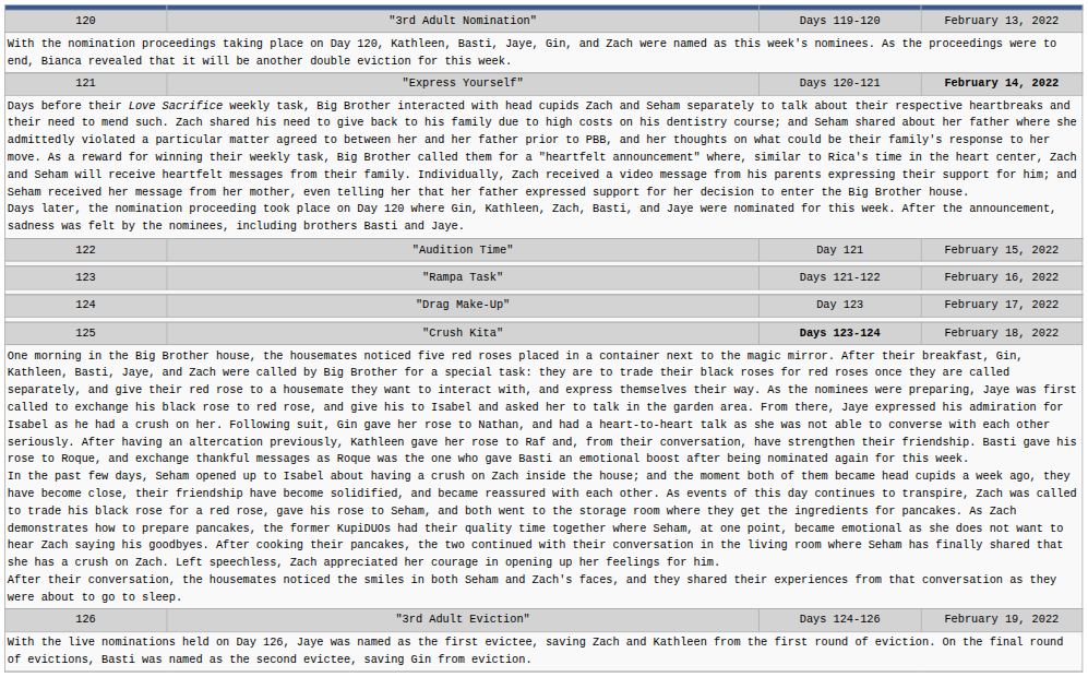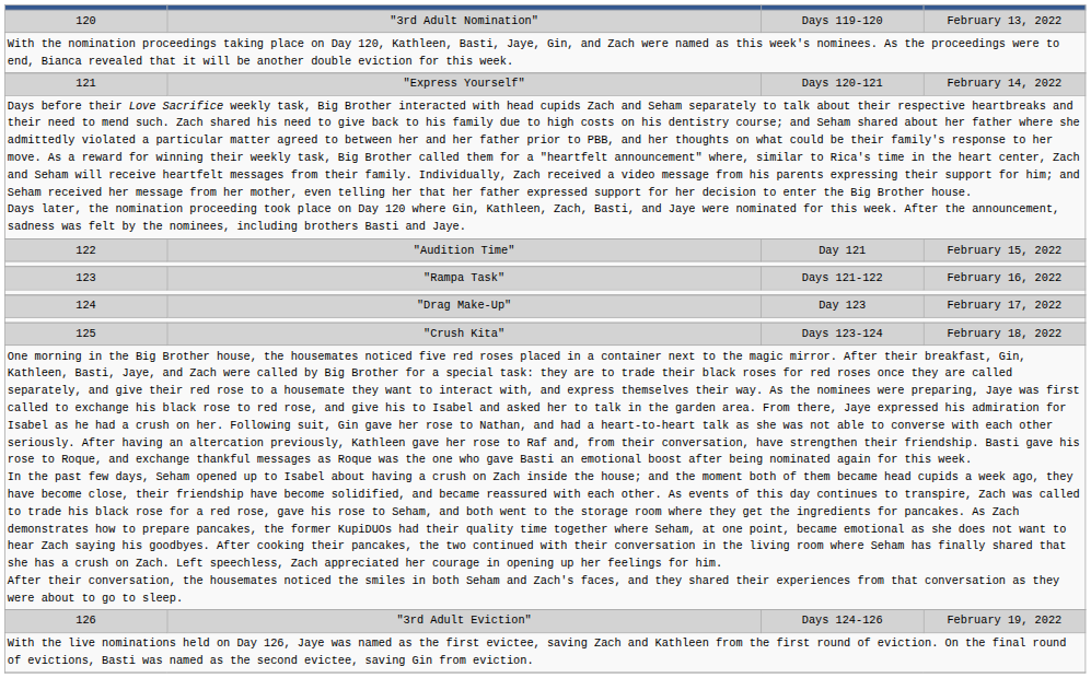 <table class="wikitable sortable" style="font-size:100%; line-height:20px; text-align:center">
 <tr>
 <th width="15%" style="background:#34588F"></th>
 <th width="55%" style="background:#34588F"></th>
 <th width="15%" style="background:#34588F"></th>
 <th width="15%" style="background:#34588F"></th>
 </tr>
 <tr style="background:lightgrey;">
 <td>120</td>
 <td>"3rd Adult Nomination"</td>
 <td>Days 119-120</td>
 <td>February 13, 2022</td>
 </tr>
 <tr>
 <td colspan="4" align="left">With the nomination proceedings taking place on Day 120, Kathleen, Basti, Jaye, Gin, and Zach were named as this week's nominees. As the proceedings were to end, Bianca revealed that it will be another double eviction for this week.</td>
 </tr>
 <tr>
 </tr>
 <tr style="background:lightgrey;">
 <td>121</td>
 <td>"Express Yourself"</td>
 <td>Days 120-121</td>
-<td><strong>February 14, 2022</strong></td>
+<td>February 14, 2022</td>
 </tr>
 <tr>
 <td colspan="4" align="left">Days before their <em>Love Sacrifice</em> weekly task, Big Brother interacted with head cupids Zach and Seham separately to talk about their respective heartbreaks and their need to mend such. Zach shared his need to give back to his family due to high costs on his dentistry course; and Seham shared about her father where she admittedly violated a particular matter agreed to between her and her father prior to PBB, and her thoughts on what could be their family's response to her move. As a reward for winning their weekly task, Big Brother called them for a "heartfelt announcement" where, similar to Rica's time in the heart center, Zach and Seham will receive heartfelt messages from their family. Individually, Zach received a video message from his parents expressing their support for him; and Seham received her message from her mother, even telling her that her father expressed support for her decision to enter the Big Brother house.<br>Days later, the nomination proceeding took place on Day 120 where Gin, Kathleen, Zach, Basti, and Jaye were nominated for this week. After the announcement, sadness was felt by the nominees, including brothers Basti and Jaye.</td>
 </tr>
 <tr>
 </tr>
 <tr style="background:lightgrey;">
 <td>122</td>
 <td>"Audition Time"</td>
 <td>Day 121</td>
 <td>February 15, 2022</td>
 </tr>
 <tr>
 <td colspan="4" align="left"></td>
 </tr>
 <tr>
 </tr>
 <tr style="background:lightgrey;">
 <td>123</td>
 <td>"Rampa Task"</td>
 <td>Days 121-122</td>
 <td>February 16, 2022</td>
 </tr>
 <tr>
 <td colspan="4" align="left"></td>
 </tr>
 <tr>
 </tr>
 <tr style="background:lightgrey;">
 <td>124</td>
 <td>"Drag Make-Up"</td>
 <td>Day 123</td>
 <td>February 17, 2022</td>
 </tr>
 <tr>
 <td colspan="4" align="left"></td>
 </tr>
 <tr>
 </tr>
 <tr style="background:lightgrey;">
 <td>125</td>
 <td>"Crush Kita"</td>
-<td><strong>Days 123-124</strong></td>
+<td>Days 123-124</td>
 <td>February 18, 2022</td>
 </tr>
 <tr>
 <td colspan="4" align="left">One morning in the Big Brother house, the housemates noticed five red roses placed in a container next to the magic mirror. After their breakfast, Gin, Kathleen, Basti, Jaye, and Zach were called by Big Brother for a special task: they are to trade their black roses for red roses once they are called separately, and give their red rose to a housemate they want to interact with, and express themselves their way. As the nominees were preparing, Jaye was first called to exchange his black rose to red rose, and give his to Isabel and asked her to talk in the garden area. From there, Jaye expressed his admiration for Isabel as he had a crush on  her. Following suit, Gin gave her rose to Nathan, and had a heart-to-heart talk as she was not able to converse with each other seriously. After having an altercation previously, Kathleen gave her rose to Raf and, from their conversation, have strengthen their friendship. Basti gave his rose to Roque, and exchange thankful messages as Roque was the one who gave Basti an emotional boost after being nominated again for this week.<br>In the past few days, Seham opened up to Isabel about having a crush on Zach inside the house; and the moment both of them became head cupids a week ago, they have become close, their friendship have become solidified, and became reassured with each other. As events of this day continues to transpire, Zach was called to trade his black rose for a red rose, gave his rose to Seham, and both went to the storage room where they get the ingredients for pancakes. As Zach demonstrates how to prepare pancakes, the former KupiDUOs had their quality time together where Seham, at one point, became emotional as she does not want to hear Zach saying his goodbyes. After cooking their pancakes, the two continued with their conversation in the living room where Seham has finally shared that she has a crush on Zach. Left speechless, Zach appreciated her courage in opening up her feelings for him.<br>After their conversation, the housemates noticed the smiles in both Seham and Zach's faces, and they shared their experiences from that conversation as they were about to go to sleep.</td>
 </tr>
 <tr>
 </tr>
 <tr style="background:lightgrey;">
 <td>126</td>
 <td>"3rd Adult Eviction"</td>
 <td>Days 124-126</td>
 <td>February 19, 2022</td>
 </tr>
 <tr>
 <td colspan="4" align="left">With the live nominations held on Day 126, Jaye was named as the first evictee, saving Zach and Kathleen from the first round of eviction. On the final round of evictions, Basti was named as the second evictee, saving Gin from eviction.</td>
 </tr>
 <tr>
 </tr>
 </table>
